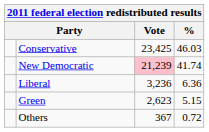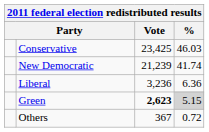 <table class="wikitable">
 <tr>
 <th colspan="4"><a href='#'>2011 federal election</a> redistributed results</th>
 </tr>
 <tr>
 <th bgcolor="#DDDDFF" width="130px" colspan="2">Party</th>
 <th bgcolor="#DDDDFF" width="50px">Vote</th>
 <th bgcolor="#DDDDFF" width="30px">%</th>
 </tr>
 <tr>
 <td> </td>
 <td><a href='#'>Conservative</a></td>
 <td align="right">23,425</td>
 <td align="right">46.03</td>
 </tr>
 <tr>
 <td> </td>
 <td><a href='#'>New Democratic</a></td>
-<td align="right" style="background: pink;">21,239</td>
+<td align="right">21,239</td>
 <td align="right">41.74</td>
 </tr>
 <tr>
 <td> </td>
 <td><a href='#'>Liberal</a></td>
 <td align="right">3,236</td>
 <td align="right">6.36</td>
 </tr>
 <tr>
 <td> </td>
 <td><a href='#'>Green</a></td>
-<td align="right">2,623</td>
-<td align="right">5.15</td>
+<td align="right"><strong>2,623</strong></td>
+<td align="right" style="background: lightgrey;">5.15</td>
 </tr>
 <tr>
 <td> </td>
 <td>Others</td>
 <td align="right">367</td>
 <td align="right">0.72</td>
 </tr>
 </table>
